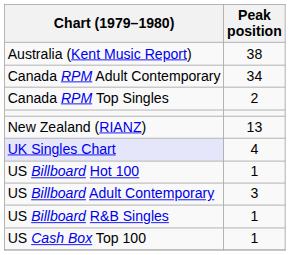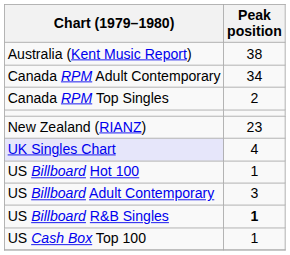 <table class="wikitable sortable">
 <tr>
 <th>Chart (1979–1980)</th>
 <th>Peak<br>position</th>
 </tr>
 <tr>
 <td>Australia (<a href='#'>Kent Music Report</a>)</td>
 <td style="text-align:center;">38</td>
 </tr>
 <tr>
 <td>Canada <em><a href='#'>RPM</a></em> Adult Contemporary </td>
 <td style="text-align:center;">34</td>
 </tr>
 <tr>
 <td>Canada <em><a href='#'>RPM</a></em> Top Singles </td>
 <td style="text-align:center;">2</td>
 </tr>
 <tr>
 <td></td>
 </tr>
 <tr>
 <td>New Zealand (<a href='#'>RIANZ</a>)</td>
-<td style="text-align:center;">13</td>
+<td style="text-align:center;">23</td>
 </tr>
 <tr>
 <td style="background: lavender;"><a href='#'>UK Singles Chart</a></td>
 <td style="text-align:center;">4</td>
 </tr>
 <tr>
 <td>US <em><a href='#'>Billboard</a></em> <a href='#'>Hot 100</a></td>
 <td style="text-align:center;">1</td>
 </tr>
 <tr>
 <td>US <em><a href='#'>Billboard</a></em> <a href='#'>Adult Contemporary</a></td>
 <td style="text-align:center;">3</td>
 </tr>
 <tr>
 <td>US <em><a href='#'>Billboard</a></em> <a href='#'>R&B Singles</a></td>
-<td style="text-align:center;">1</td>
+<td style="text-align:center;"><strong>1</strong></td>
 </tr>
 <tr>
 <td>US <a href='#'><em>Cash Box</em></a> Top 100 </td>
 <td align="center">1</td>
 </tr>
 <tr>
 </tr>
 </table>
